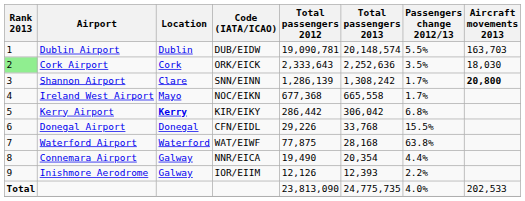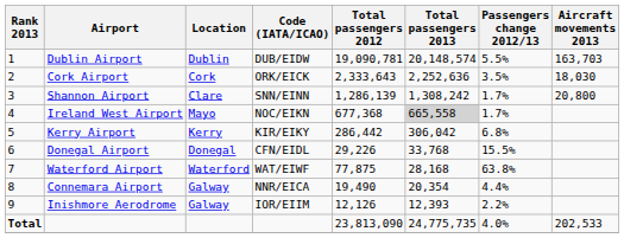 <table class="wikitable sortable">
 <tr>
 <th>Rank<br>2013</th>
 <th>Airport</th>
 <th>Location</th>
 <th>Code<br>(IATA/ICAO)</th>
 <th>Total<br>passengers<br>2012</th>
 <th>Total<br>passengers<br>2013</th>
 <th>Passengers<br>change<br>2012/13</th>
 <th>Aircraft<br>movements<br>2013</th>
 </tr>
 <tr>
 <td>1</td>
 <td><a href='#'>Dublin Airport</a></td>
 <td><a href='#'>Dublin</a></td>
 <td>DUB/EIDW</td>
 <td>19,090,781</td>
 <td>20,148,574</td>
 <td> 5.5%</td>
 <td>163,703</td>
 </tr>
 <tr>
-<td style="background: lightgreen;">2</td>
+<td>2</td>
 <td><a href='#'>Cork Airport</a></td>
 <td><a href='#'>Cork</a></td>
 <td>ORK/EICK</td>
 <td>2,333,643</td>
 <td>2,252,636</td>
 <td> 3.5%</td>
 <td>18,030</td>
 </tr>
 <tr>
 <td>3</td>
 <td><a href='#'>Shannon Airport</a></td>
 <td><a href='#'>Clare</a></td>
 <td>SNN/EINN</td>
 <td>1,286,139</td>
 <td>1,308,242</td>
 <td> 1.7%</td>
-<td><strong>20,800</strong></td>
+<td>20,800</td>
 </tr>
 <tr>
 <td>4</td>
 <td><a href='#'>Ireland West Airport</a></td>
 <td><a href='#'>Mayo</a></td>
 <td>NOC/EIKN</td>
 <td>677,368</td>
-<td>665,558</td>
+<td style="background: lightgrey;">665,558</td>
 <td> 1.7%</td>
 <td></td>
 </tr>
 <tr>
 <td>5</td>
 <td><a href='#'>Kerry Airport</a></td>
-<td><strong><a href='#'>Kerry</a></strong></td>
+<td><a href='#'>Kerry</a></td>
 <td>KIR/EIKY</td>
 <td>286,442</td>
 <td>306,042</td>
 <td> 6.8%</td>
 <td></td>
 </tr>
 <tr>
 <td>6 </td>
 <td><a href='#'>Donegal Airport</a></td>
 <td><a href='#'>Donegal</a></td>
 <td>CFN/EIDL</td>
 <td>29,226</td>
 <td>33,768</td>
 <td> 15.5%</td>
 <td></td>
 </tr>
 <tr>
 <td>7 </td>
 <td><a href='#'>Waterford Airport</a></td>
 <td><a href='#'>Waterford</a></td>
 <td>WAT/EIWF</td>
 <td>77,875</td>
 <td>28,168</td>
 <td> 63.8%</td>
 <td></td>
 </tr>
 <tr>
 <td>8</td>
 <td><a href='#'>Connemara Airport</a></td>
 <td><a href='#'>Galway</a></td>
 <td>NNR/EICA</td>
 <td>19,490</td>
 <td>20,354</td>
 <td> 4.4%</td>
 <td></td>
 </tr>
 <tr>
 <td>9</td>
 <td><a href='#'>Inishmore Aerodrome</a></td>
 <td><a href='#'>Galway</a></td>
 <td>IOR/EIIM</td>
 <td>12,126</td>
 <td>12,393</td>
 <td> 2.2%</td>
 <td></td>
 </tr>
 <tr>
 <td><strong>Total</strong></td>
 <td></td>
 <td></td>
 <td></td>
 <td>23,813,090</td>
 <td>24,775,735</td>
 <td> 4.0%</td>
 <td>202,533</td>
 </tr>
 <tr>
 </tr>
 </table>
